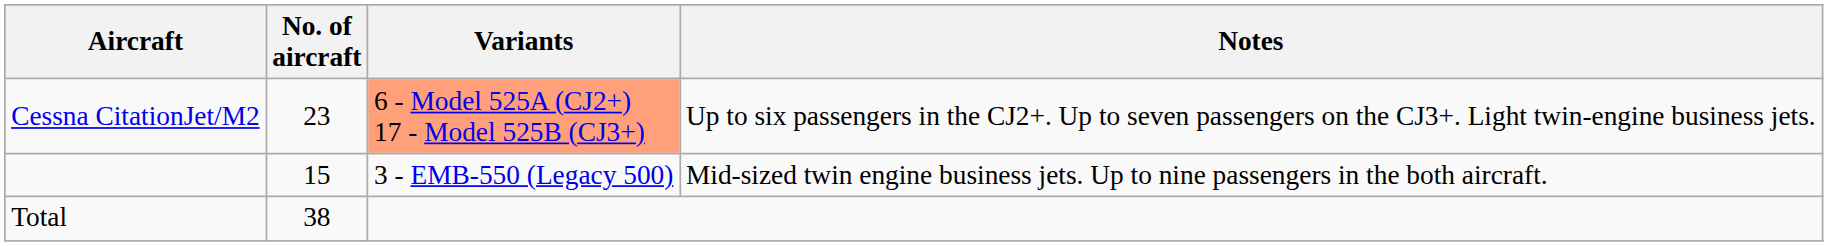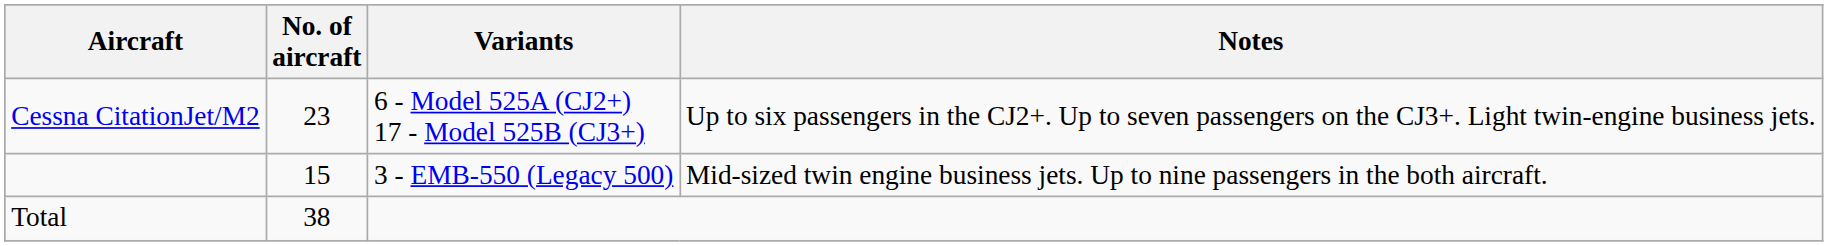 <table class="wikitable">
 <tr>
 <th>Aircraft</th>
 <th>No. of<br>aircraft</th>
 <th>Variants</th>
 <th>Notes</th>
 </tr>
 <tr>
 <td><a href='#'>Cessna CitationJet/M2</a></td>
 <td align=center>23</td>
-<td style="background: lightsalmon;">6 - <a href='#'>Model 525A (CJ2+)</a><br>17 - <a href='#'>Model 525B (CJ3+)</a></td>
+<td>6 - <a href='#'>Model 525A (CJ2+)</a><br>17 - <a href='#'>Model 525B (CJ3+)</a></td>
 <td>Up to six passengers in the CJ2+. Up to seven passengers on the CJ3+. Light twin-engine business jets.</td>
 </tr>
 <tr>
 <td></td>
 <td align=center>15</td>
 <td>3 - <a href='#'>EMB-550 (Legacy 500)</a><br></td>
 <td>Mid-sized twin engine business jets. Up to nine passengers in the both aircraft.</td>
 </tr>
 <tr>
 <td>Total</td>
 <td align=center>38</td>
 <td colspan="2"></td>
 </tr>
 </table>
